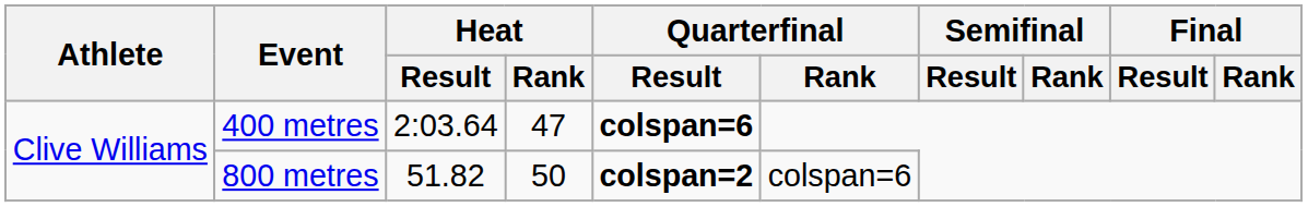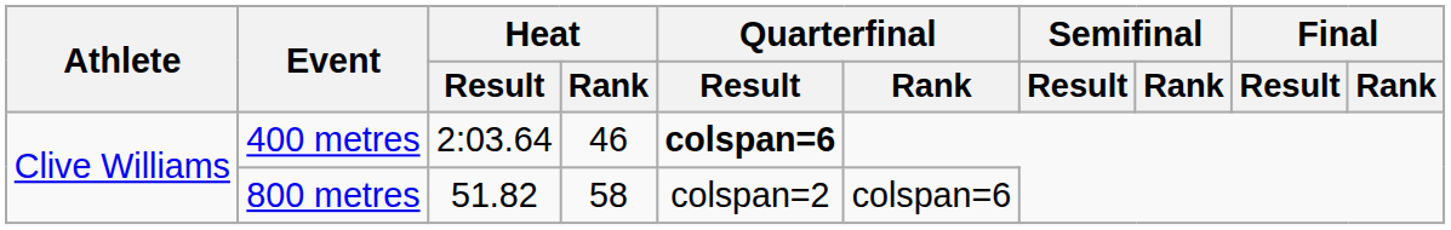 <table class=wikitable style=font-size:90%>
 <tr>
 <th rowspan=2>Athlete</th>
 <th rowspan=2>Event</th>
 <th colspan=2>Heat</th>
 <th colspan=2>Quarterfinal</th>
 <th colspan=2>Semifinal</th>
 <th colspan=2>Final</th>
 </tr>
 <tr style=font-size:95%>
 <th>Result</th>
 <th>Rank</th>
 <th>Result</th>
 <th>Rank</th>
 <th>Result</th>
 <th>Rank</th>
 <th>Result</th>
 <th>Rank</th>
 </tr>
 <tr align=center>
 <td align=left rowspan=2><a href='#'>Clive Williams</a></td>
 <td align=left><a href='#'>400 metres</a></td>
 <td>2:03.64</td>
-<td>47</td>
+<td>46</td>
 <td><strong>colspan=6 </strong></td>
 </tr>
 <tr align=center>
 <td align=left><a href='#'>800 metres</a></td>
 <td>51.82</td>
-<td>50</td>
-<td><strong>colspan=2 </strong></td>
+<td>58</td>
+<td>colspan=2 </td>
 <td>colspan=6 </td>
 </tr>
 </table>
